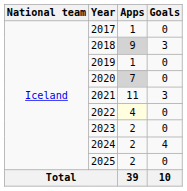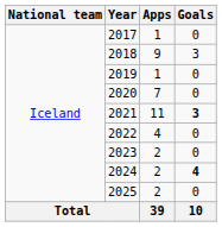 <table class="wikitable" style="text-align:center">
 <tr>
 <th>National team</th>
 <th>Year</th>
 <th>Apps</th>
 <th>Goals</th>
 </tr>
 <tr>
 <td rowspan="9"><a href='#'>Iceland</a></td>
 <td>2017</td>
 <td>1</td>
 <td>0</td>
 </tr>
 <tr>
 <td>2018</td>
-<td style="background: lightgrey;">9</td>
+<td>9</td>
 <td>3</td>
 </tr>
 <tr>
 <td>2019</td>
 <td>1</td>
 <td>0</td>
 </tr>
 <tr>
 <td>2020</td>
-<td style="background: lightgrey;">7</td>
+<td>7</td>
 <td>0</td>
 </tr>
 <tr>
 <td>2021</td>
 <td>11</td>
-<td>3</td>
+<td><strong>3</strong></td>
 </tr>
 <tr>
 <td>2022</td>
-<td style="background: lightyellow;">4</td>
+<td>4</td>
 <td>0</td>
 </tr>
 <tr>
 <td>2023</td>
 <td>2</td>
 <td>0</td>
 </tr>
 <tr>
 <td>2024</td>
 <td>2</td>
-<td>4</td>
+<td><strong>4</strong></td>
 </tr>
 <tr>
 <td>2025</td>
 <td>2</td>
 <td>0</td>
 </tr>
 <tr>
 <th colspan="2">Total</th>
 <th>39</th>
 <th>10</th>
 </tr>
 </table>
